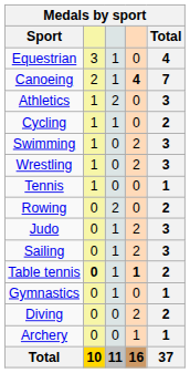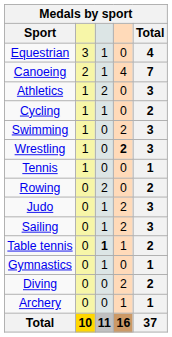 <table class="wikitable" style="font-size:85%">
 <tr style="background:#efefef;">
 <th colspan=7>Medals by sport</th>
 </tr>
 <tr align=center>
 <th>Sport</th>
 <td bgcolor=#f7f6a8></td>
 <td bgcolor=#dce5e5></td>
 <td bgcolor=#ffdab9></td>
 <th>Total</th>
 </tr>
 <tr align=center>
 <td><a href='#'>Equestrian</a></td>
 <td style="background:#F7F6A8;">3</td>
 <td style="background:#DCE5E5;">1</td>
 <td style="background:#FFDAB9;">0</td>
 <th>4</th>
 </tr>
 <tr align=center>
 <td><a href='#'>Canoeing</a></td>
 <td style="background:#F7F6A8;">2</td>
 <td style="background:#DCE5E5;">1</td>
-<td style="background:#FFDAB9;"><strong>4</strong></td>
+<td style="background:#FFDAB9;">4</td>
 <th>7</th>
 </tr>
 <tr align=center>
 <td><a href='#'>Athletics</a></td>
 <td style="background:#F7F6A8;">1</td>
 <td style="background:#DCE5E5;">2</td>
 <td style="background:#FFDAB9;">0</td>
 <th>3</th>
 </tr>
 <tr align=center>
 <td><a href='#'>Cycling</a></td>
 <td style="background:#F7F6A8;">1</td>
 <td style="background:#DCE5E5;">1</td>
 <td style="background:#FFDAB9;">0</td>
 <th>2</th>
 </tr>
 <tr align=center>
 <td><a href='#'>Swimming</a></td>
 <td style="background:#F7F6A8;">1</td>
 <td style="background:#DCE5E5;">0</td>
 <td style="background:#FFDAB9;">2</td>
 <th>3</th>
 </tr>
 <tr align=center>
 <td><a href='#'>Wrestling</a></td>
 <td style="background:#F7F6A8;">1</td>
 <td style="background:#DCE5E5;">0</td>
-<td style="background:#FFDAB9;">2</td>
+<td style="background:#FFDAB9;"><strong>2</strong></td>
 <th>3</th>
 </tr>
 <tr align=center>
 <td><a href='#'>Tennis</a></td>
 <td style="background:#F7F6A8;">1</td>
 <td style="background:#DCE5E5;">0</td>
 <td style="background:#FFDAB9;">0</td>
 <th>1</th>
 </tr>
 <tr align=center>
 <td><a href='#'>Rowing</a></td>
 <td style="background:#F7F6A8;">0</td>
 <td style="background:#DCE5E5;">2</td>
 <td style="background:#FFDAB9;">0</td>
 <th>2</th>
 </tr>
 <tr align=center>
 <td><a href='#'>Judo</a></td>
 <td style="background:#F7F6A8;">0</td>
 <td style="background:#DCE5E5;">1</td>
 <td style="background:#FFDAB9;">2</td>
 <th>3</th>
 </tr>
 <tr align=center>
 <td><a href='#'>Sailing</a></td>
 <td style="background:#F7F6A8;">0</td>
 <td style="background:#DCE5E5;">1</td>
 <td style="background:#FFDAB9;">2</td>
 <th>3</th>
 </tr>
 <tr align=center>
 <td><a href='#'>Table tennis</a></td>
-<td style="background:#F7F6A8;"><strong>0</strong></td>
-<td style="background:#DCE5E5;">1</td>
-<td style="background:#FFDAB9;"><strong>1</strong></td>
+<td style="background:#F7F6A8;">0</td>
+<td style="background:#DCE5E5;"><strong>1</strong></td>
+<td style="background:#FFDAB9;">1</td>
 <th>2</th>
 </tr>
 <tr align=center>
 <td><a href='#'>Gymnastics</a></td>
 <td style="background:#F7F6A8;">0</td>
 <td style="background:#DCE5E5;">1</td>
 <td style="background:#FFDAB9;">0</td>
 <th>1</th>
 </tr>
 <tr align=center>
 <td><a href='#'>Diving</a></td>
 <td style="background:#F7F6A8;">0</td>
 <td style="background:#DCE5E5;">0</td>
 <td style="background:#FFDAB9;">2</td>
 <th>2</th>
 </tr>
 <tr align=center>
 <td><a href='#'>Archery</a></td>
 <td style="background:#F7F6A8;">0</td>
 <td style="background:#DCE5E5;">0</td>
 <td style="background:#FFDAB9;">1</td>
 <th>1</th>
 </tr>
 <tr align=center>
 <th>Total</th>
 <th style="background:gold;">10</th>
 <th style="background:silver;">11</th>
 <th style="background:#c96;">16</th>
 <th>37</th>
 </tr>
 </table>
